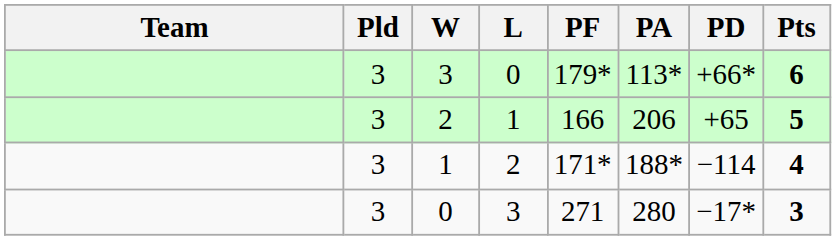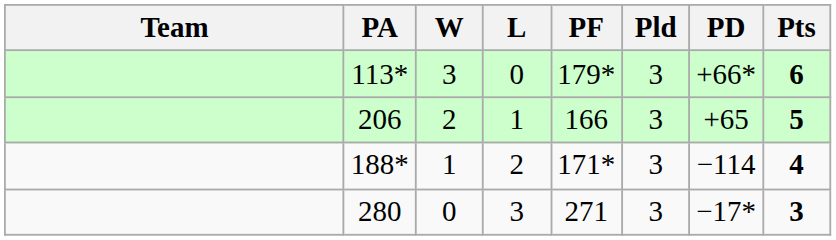 <table class=wikitable style="text-align:center">
 <tr>
 <th width=180>Team</th>
-<th width=30>Pld</th>
+<th width=30>PA</th>
 <th width=30>W</th>
 <th width=30>L</th>
 <th width=30>PF</th>
-<th width=30>PA</th>
+<th width=30>Pld</th>
 <th width=30>PD</th>
 <th width=30>Pts</th>
 </tr>
 <tr align=center bgcolor="#ccffcc">
 <td align=left></td>
-<td>3</td>
+<td>113*</td>
 <td>3</td>
 <td>0</td>
 <td>179*</td>
-<td>113*</td>
+<td>3</td>
 <td>+66*</td>
 <td><strong>6</strong></td>
 </tr>
 <tr align=center bgcolor="#ccffcc">
 <td align=left></td>
-<td>3</td>
+<td>206</td>
 <td>2</td>
 <td>1</td>
 <td>166</td>
-<td>206</td>
+<td>3</td>
 <td>+65</td>
 <td><strong>5</strong></td>
 </tr>
 <tr align=center>
 <td align=left></td>
-<td>3</td>
+<td>188*</td>
 <td>1</td>
 <td>2</td>
 <td>171*</td>
-<td>188*</td>
+<td>3</td>
 <td>−114</td>
 <td><strong>4</strong></td>
 </tr>
 <tr align=center>
 <td align=left></td>
-<td>3</td>
+<td>280</td>
 <td>0</td>
 <td>3</td>
 <td>271</td>
-<td>280</td>
+<td>3</td>
 <td>−17*</td>
 <td><strong>3</strong></td>
 </tr>
 </table>
